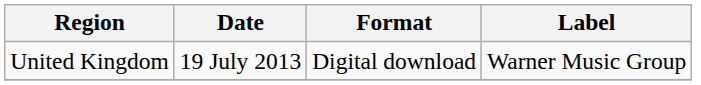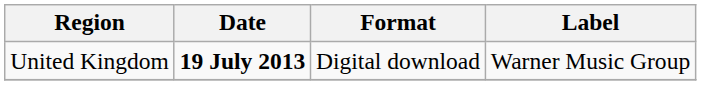 <table class=wikitable>
 <tr>
 <th>Region</th>
 <th>Date</th>
 <th>Format</th>
 <th>Label</th>
 </tr>
 <tr>
 <td>United Kingdom</td>
-<td>19 July 2013</td>
+<td><strong>19 July 2013</strong></td>
 <td>Digital download</td>
 <td>Warner Music Group</td>
 </tr>
 <tr>
 </tr>
 </table>
